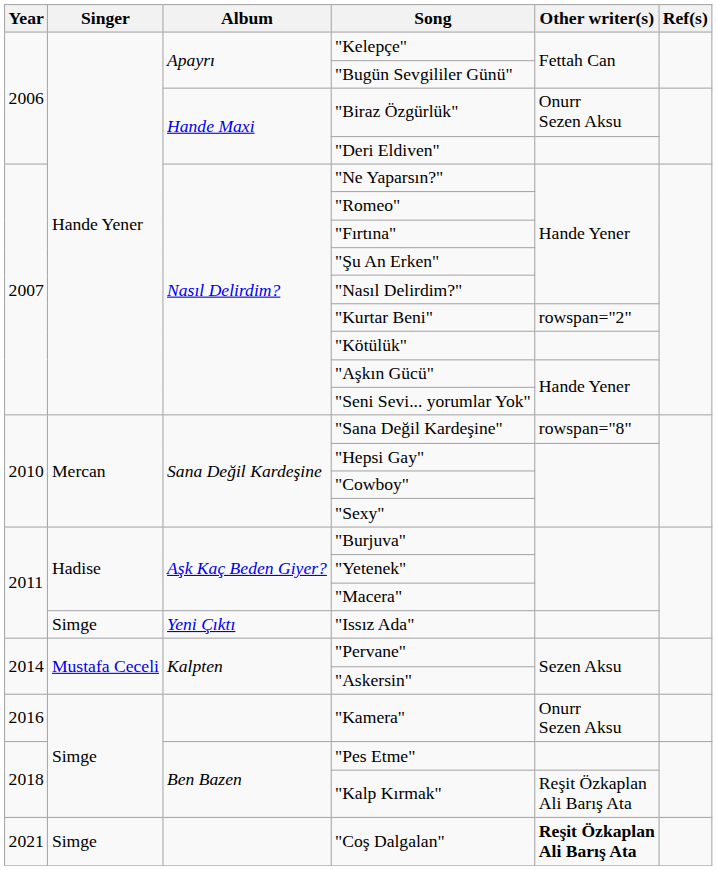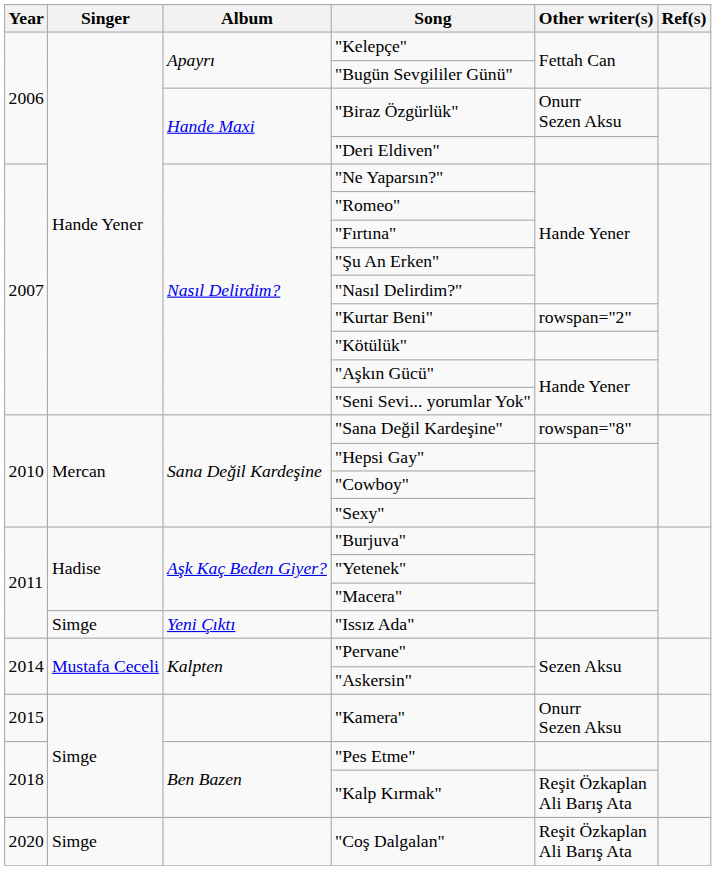 <table class="wikitable">
 <tr>
 <th>Year</th>
 <th>Singer</th>
 <th>Album</th>
 <th>Song</th>
 <th>Other writer(s)</th>
 <th>Ref(s)</th>
 </tr>
 <tr>
 <td rowspan="4">2006</td>
 <td rowspan="13">Hande Yener</td>
 <td rowspan="2"><em>Apayrı</em></td>
 <td>"Kelepçe"</td>
 <td rowspan="2">Fettah Can</td>
 <td rowspan="2"></td>
 </tr>
 <tr>
 <td>"Bugün Sevgililer Günü"</td>
 </tr>
 <tr>
 <td rowspan="2"><em><a href='#'>Hande Maxi</a></em></td>
 <td>"Biraz Özgürlük"</td>
 <td>Onurr<br>Sezen Aksu</td>
 <td rowspan="2"></td>
 </tr>
 <tr>
 <td>"Deri Eldiven"</td>
 </tr>
 <tr>
 <td rowspan="9">2007</td>
 <td rowspan="9"><em><a href='#'>Nasıl Delirdim?</a></em></td>
 <td>"Ne Yaparsın?"</td>
 <td rowspan="5">Hande Yener</td>
 <td rowspan="9"></td>
 </tr>
 <tr>
 <td>"Romeo"</td>
 </tr>
 <tr>
 <td>"Fırtına"</td>
 </tr>
 <tr>
 <td>"Şu An Erken"</td>
 </tr>
 <tr>
 <td>"Nasıl Delirdim?"</td>
 </tr>
 <tr>
 <td>"Kurtar Beni"</td>
 <td>rowspan="2" </td>
 </tr>
 <tr>
 <td>"Kötülük"</td>
 </tr>
 <tr>
 <td>"Aşkın Gücü"</td>
 <td rowspan="2">Hande Yener</td>
 </tr>
 <tr>
 <td>"Seni Sevi... yorumlar Yok"</td>
 </tr>
 <tr>
 <td rowspan="4">2010</td>
 <td rowspan="4">Mercan</td>
 <td rowspan="4"><em>Sana Değil Kardeşine</em></td>
 <td>"Sana Değil Kardeşine"</td>
 <td>rowspan="8" </td>
 <td rowspan="4"></td>
 </tr>
 <tr>
 <td>"Hepsi Gay"</td>
 </tr>
 <tr>
 <td>"Cowboy"</td>
 </tr>
 <tr>
 <td>"Sexy"</td>
 </tr>
 <tr>
 <td rowspan="4">2011</td>
 <td rowspan="3">Hadise</td>
 <td rowspan="3"><em><a href='#'>Aşk Kaç Beden Giyer?</a></em></td>
 <td>"Burjuva"</td>
 <td rowspan="3"></td>
 </tr>
 <tr>
 <td>"Yetenek"</td>
 </tr>
 <tr>
 <td>"Macera"</td>
 </tr>
 <tr>
 <td>Simge</td>
 <td><em><a href='#'>Yeni Çıktı</a></em></td>
 <td>"Issız Ada"</td>
 <td></td>
 </tr>
 <tr>
 <td rowspan="2">2014</td>
 <td rowspan="2"><a href='#'>Mustafa Ceceli</a></td>
 <td rowspan="2"><em>Kalpten</em></td>
 <td>"Pervane"</td>
 <td rowspan="2">Sezen Aksu</td>
 <td rowspan="2"></td>
 </tr>
 <tr>
 <td>"Askersin"</td>
 </tr>
 <tr>
-<td>2016</td>
+<td>2015</td>
 <td rowspan="3">Simge</td>
 <td></td>
 <td>"Kamera"</td>
 <td>Onurr<br>Sezen Aksu</td>
 <td></td>
 </tr>
 <tr>
 <td rowspan="2">2018</td>
 <td rowspan="2"><em>Ben Bazen</em></td>
 <td>"Pes Etme"</td>
 <td></td>
 <td rowspan="2"></td>
 </tr>
 <tr>
 <td>"Kalp Kırmak"</td>
 <td>Reşit Özkaplan<br>Ali Barış Ata</td>
 </tr>
 <tr>
-<td>2021</td>
+<td>2020</td>
 <td>Simge</td>
 <td></td>
 <td>"Coş Dalgalan"</td>
-<td><strong>Reşit Özkaplan<br>Ali Barış Ata</strong></td>
+<td>Reşit Özkaplan<br>Ali Barış Ata</td>
 <td></td>
 </tr>
 </table>
